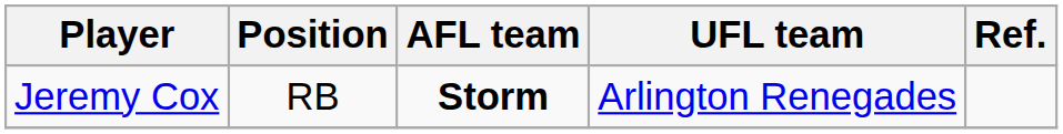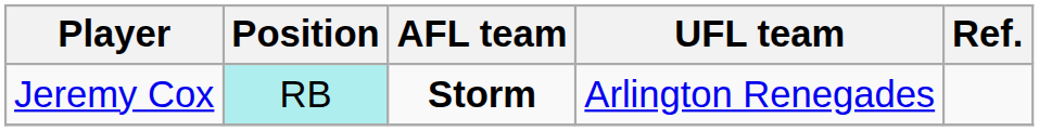 <table class="wikitable sortable" style="text-align:center;">
 <tr>
 <th>Player</th>
 <th>Position</th>
 <th>AFL team</th>
 <th>UFL team</th>
 <th class=unsortable>Ref.</th>
 </tr>
 <tr>
 <td><a href='#'>Jeremy Cox</a></td>
-<td>RB</td>
+<td style="background: paleturquoise;">RB</td>
 <td><strong>Storm</strong></td>
 <td><a href='#'>Arlington Renegades</a></td>
 <td></td>
 </tr>
 <tr>
 </tr>
 </table>
